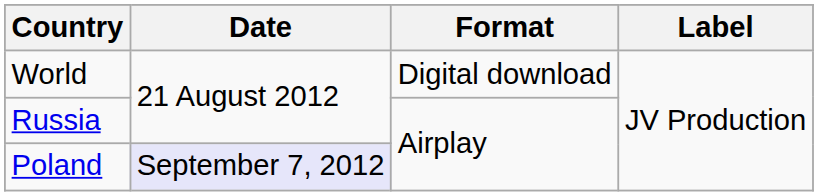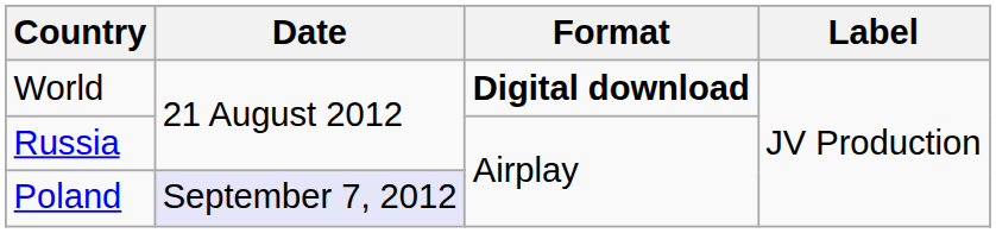 <table class="wikitable">
 <tr>
 <th>Country</th>
 <th>Date</th>
 <th>Format</th>
 <th>Label</th>
 </tr>
 <tr>
 <td>World</td>
 <td rowspan="2">21 August 2012</td>
-<td>Digital download</td>
+<td><strong>Digital download</strong></td>
 <td rowspan="3">JV Production</td>
 </tr>
 <tr>
 <td><a href='#'>Russia</a></td>
 <td rowspan="2">Airplay</td>
 </tr>
 <tr>
 <td><a href='#'>Poland</a></td>
 <td style="background: lavender;">September 7, 2012</td>
 </tr>
 </table>
